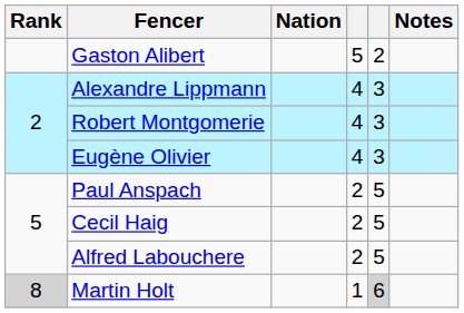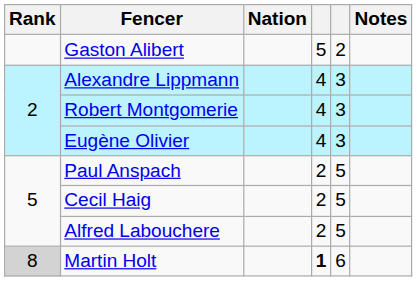 <table class="wikitable sortable" style="text-align:center">
 <tr>
 <th>Rank</th>
 <th>Fencer</th>
 <th>Nation</th>
 <th></th>
 <th></th>
 <th>Notes</th>
 </tr>
 <tr>
 <td></td>
 <td align=left><a href='#'>Gaston Alibert</a></td>
 <td align=left></td>
 <td>5</td>
 <td>2</td>
 <td></td>
 </tr>
 <tr bgcolor=bbf3ff>
 <td rowspan=3>2</td>
 <td align=left><a href='#'>Alexandre Lippmann</a></td>
 <td align=left></td>
 <td>4</td>
 <td>3</td>
 <td></td>
 </tr>
 <tr bgcolor=bbf3ff>
 <td align=left><a href='#'>Robert Montgomerie</a></td>
 <td align=left></td>
 <td>4</td>
 <td>3</td>
 <td></td>
 </tr>
 <tr bgcolor=bbf3ff>
 <td align=left><a href='#'>Eugène Olivier</a></td>
 <td align=left></td>
 <td>4</td>
 <td>3</td>
 <td></td>
 </tr>
 <tr>
 <td rowspan=3>5</td>
 <td align=left><a href='#'>Paul Anspach</a></td>
 <td align=left></td>
 <td>2</td>
 <td>5</td>
 <td></td>
 </tr>
 <tr>
 <td align=left><a href='#'>Cecil Haig</a></td>
 <td align=left></td>
 <td>2</td>
 <td>5</td>
 <td></td>
 </tr>
 <tr>
 <td align=left><a href='#'>Alfred Labouchere</a></td>
 <td align=left></td>
 <td>2</td>
 <td>5</td>
 <td></td>
 </tr>
 <tr>
 <td style="background: lightgrey;">8</td>
 <td align=left><a href='#'>Martin Holt</a></td>
 <td align=left></td>
-<td>1</td>
-<td style="background: lightgrey;">6</td>
+<td><strong>1</strong></td>
+<td>6</td>
 <td></td>
 </tr>
 </table>
